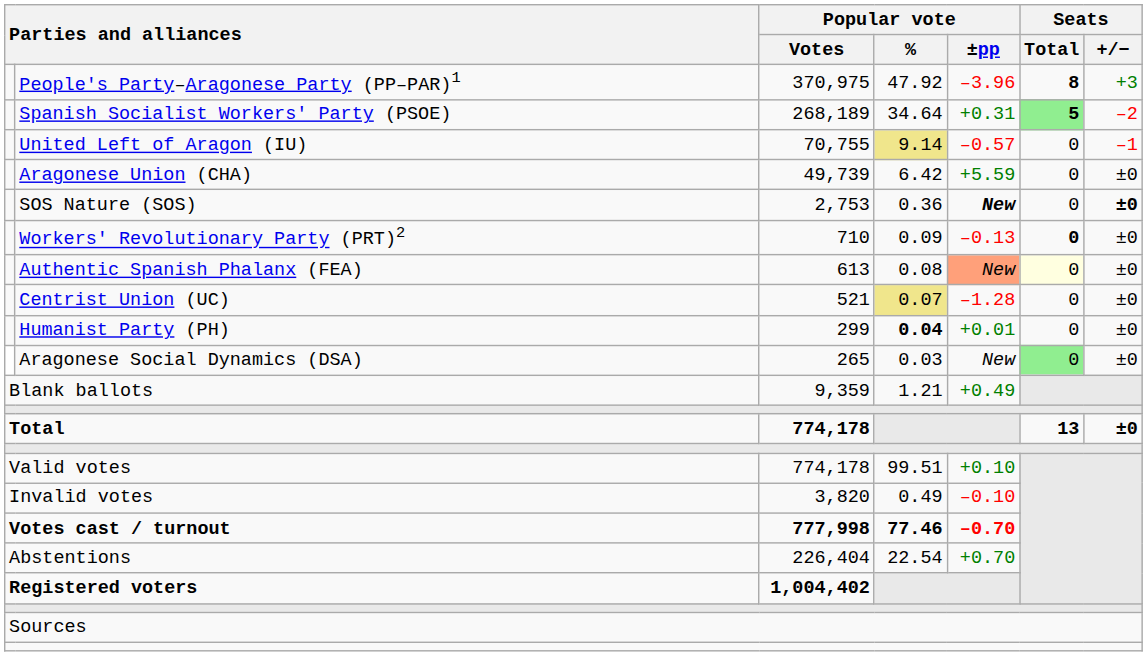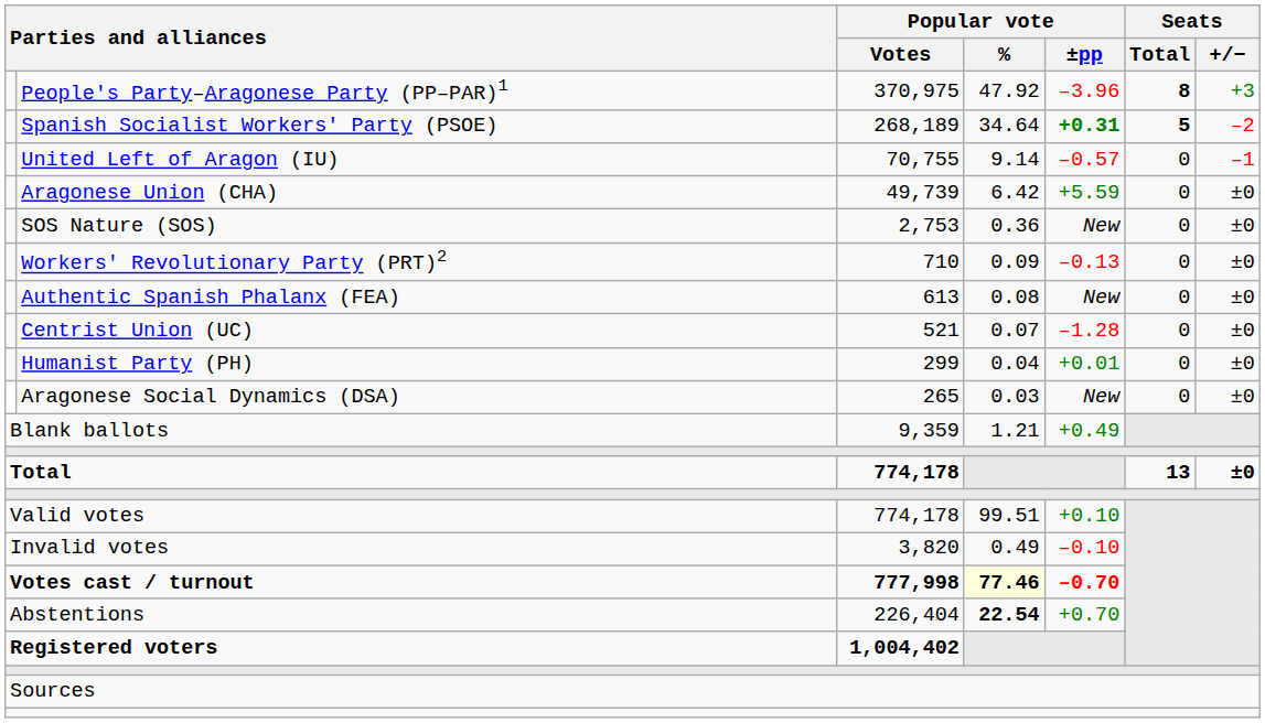 <table class="wikitable" style="text-align:right;">
 <tr>
 <th style="text-align:left;" rowspan="2" colspan="2" width="525">Parties and alliances</th>
 <th colspan="3">Popular vote</th>
 <th colspan="2">Seats</th>
 </tr>
 <tr>
 <th width="75">Votes</th>
 <th width="45">%</th>
 <th width="45">±<a href='#'>pp</a></th>
 <th width="35">Total</th>
 <th width="35">+/−</th>
 </tr>
 <tr>
 <td width="1" style="color:inherit;background:"></td>
 <td align="left"><a href='#'>People's Party</a>–<a href='#'>Aragonese Party</a> (PP–PAR)<sup>1</sup></td>
 <td>370,975</td>
 <td>47.92</td>
 <td style="color:red;">–3.96</td>
 <td><strong>8</strong></td>
 <td style="color:green;">+3</td>
 </tr>
 <tr>
 <td style="color:inherit;background:"></td>
 <td align="left"><a href='#'>Spanish Socialist Workers' Party</a> (PSOE)</td>
 <td>268,189</td>
 <td>34.64</td>
-<td style="color:green;">+0.31</td>
-<td style="background: lightgreen;"><strong>5</strong></td>
+<td style="color:green;"><strong>+0.31</strong></td>
+<td><strong>5</strong></td>
 <td style="color:red;">–2</td>
 </tr>
 <tr>
 <td style="color:inherit;background:"></td>
 <td align="left"><a href='#'>United Left of Aragon</a> (IU)</td>
 <td>70,755</td>
-<td style="background: khaki;">9.14</td>
+<td>9.14</td>
 <td style="color:red;">–0.57</td>
 <td>0</td>
 <td style="color:red;">–1</td>
 </tr>
 <tr>
 <td style="color:inherit;background:"></td>
 <td align="left"><a href='#'>Aragonese Union</a> (CHA)</td>
 <td>49,739</td>
 <td>6.42</td>
 <td style="color:green;">+5.59</td>
 <td>0</td>
 <td>±0</td>
 </tr>
 <tr>
 <td style="color:inherit;background:"></td>
 <td align="left">SOS Nature (SOS)</td>
 <td>2,753</td>
 <td>0.36</td>
-<td><strong><em>New</em></strong></td>
+<td><em>New</em></td>
 <td>0</td>
-<td><strong>±0</strong></td>
+<td>±0</td>
 </tr>
 <tr>
 <td style="color:inherit;background:"></td>
 <td align="left"><a href='#'>Workers' Revolutionary Party</a> (PRT)<sup>2</sup></td>
 <td>710</td>
 <td>0.09</td>
 <td style="color:red;">–0.13</td>
-<td><strong>0</strong></td>
+<td>0</td>
 <td>±0</td>
 </tr>
 <tr>
 <td style="color:inherit;background:"></td>
 <td align="left"><a href='#'>Authentic Spanish Phalanx</a> (FEA)</td>
 <td>613</td>
 <td>0.08</td>
-<td style="background: lightsalmon;"><em>New</em></td>
-<td style="background: lightyellow;">0</td>
+<td><em>New</em></td>
+<td>0</td>
 <td>±0</td>
 </tr>
 <tr>
 <td style="color:inherit;background:"></td>
 <td align="left"><a href='#'>Centrist Union</a> (UC)</td>
 <td>521</td>
-<td style="background: khaki;">0.07</td>
+<td>0.07</td>
 <td style="color:red;">–1.28</td>
 <td>0</td>
 <td>±0</td>
 </tr>
 <tr>
 <td style="color:inherit;background:"></td>
 <td align="left"><a href='#'>Humanist Party</a> (PH)</td>
 <td>299</td>
-<td><strong>0.04</strong></td>
+<td>0.04</td>
 <td style="color:green;">+0.01</td>
 <td>0</td>
 <td>±0</td>
 </tr>
 <tr>
 <td bgcolor="white"></td>
 <td align="left">Aragonese Social Dynamics (DSA)</td>
 <td>265</td>
 <td>0.03</td>
 <td><em>New</em></td>
-<td style="background: lightgreen;">0</td>
+<td>0</td>
 <td>±0</td>
 </tr>
 <tr>
 <td align="left" colspan="2">Blank ballots</td>
 <td>9,359</td>
 <td>1.21</td>
 <td style="color:green;">+0.49</td>
 <td bgcolor="#E9E9E9" colspan="2"></td>
 </tr>
 <tr>
 <td colspan="7" bgcolor="#E9E9E9"></td>
 </tr>
 <tr style="font-weight:bold;">
 <td align="left" colspan="2">Total</td>
 <td>774,178</td>
 <td bgcolor="#E9E9E9" colspan="2"></td>
 <td>13</td>
 <td>±0</td>
 </tr>
 <tr>
 <td colspan="7" bgcolor="#E9E9E9"></td>
 </tr>
 <tr>
 <td align="left" colspan="2">Valid votes</td>
 <td>774,178</td>
 <td>99.51</td>
 <td style="color:green;">+0.10</td>
 <td bgcolor="#E9E9E9" colspan="2" rowspan="5"></td>
 </tr>
 <tr>
 <td align="left" colspan="2">Invalid votes</td>
 <td>3,820</td>
 <td>0.49</td>
 <td style="color:red;">–0.10</td>
 </tr>
 <tr style="font-weight:bold;">
 <td align="left" colspan="2">Votes cast / turnout</td>
 <td>777,998</td>
-<td>77.46</td>
+<td style="background: lightyellow;">77.46</td>
 <td style="color:red;">–0.70</td>
 </tr>
 <tr>
 <td align="left" colspan="2">Abstentions</td>
 <td>226,404</td>
-<td>22.54</td>
+<td><strong>22.54</strong></td>
 <td style="color:green;">+0.70</td>
 </tr>
 <tr style="font-weight:bold;">
 <td align="left" colspan="2">Registered voters</td>
 <td>1,004,402</td>
 <td bgcolor="#E9E9E9" colspan="2"></td>
 </tr>
 <tr>
 <td colspan="7" bgcolor="#E9E9E9"></td>
 </tr>
 <tr>
 <td align="left" colspan="7">Sources</td>
 </tr>
 <tr>
 <td colspan="7" style="text-align:left; max-width:790px;"></td>
 </tr>
 </table>
